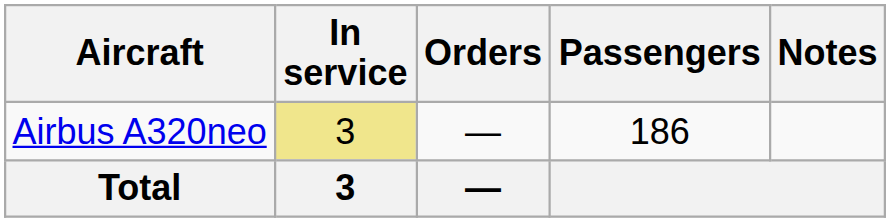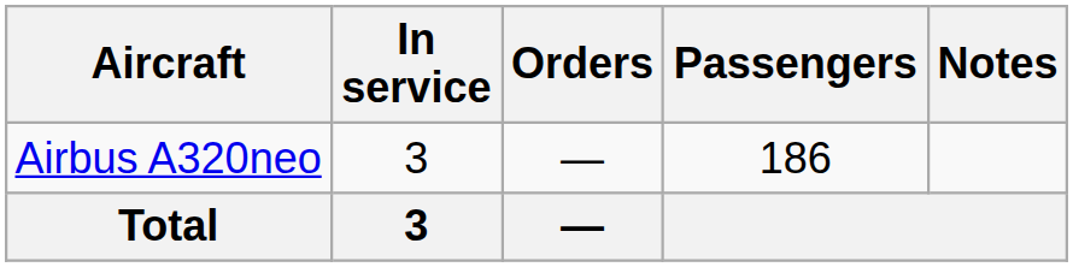 <table class="wikitable" style="margin:0.5em auto; text-align:center">
 <tr>
 <th>Aircraft</th>
 <th>In<br>service</th>
 <th>Orders</th>
 <th>Passengers</th>
 <th>Notes</th>
 </tr>
 <tr>
 <td><a href='#'>Airbus A320neo</a></td>
-<td style="background: khaki;">3</td>
+<td>3</td>
 <td>—</td>
 <td>186</td>
 <td></td>
 </tr>
 <tr>
 <th>Total</th>
 <th>3</th>
 <th>—</th>
 <th colspan=2></th>
 </tr>
 </table>
